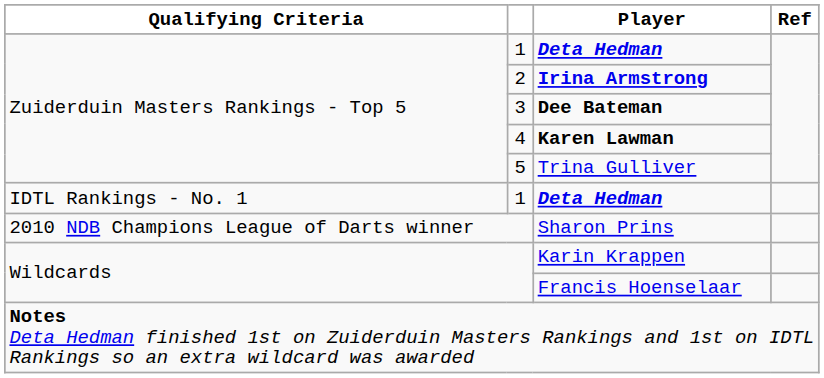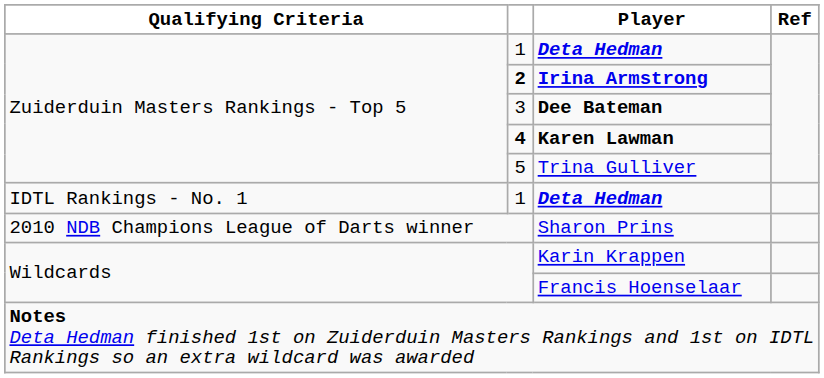 <table class="wikitable sortable collapsible" style="font-size:85%;">
 <tr>
 <th style="background:#ffffff; color:#000000;">Qualifying Criteria</th>
 <th style="background:#ffffff; color:#000000;"></th>
 <th style="background:#ffffff; color:#000000;">Player</th>
 <th style="background:#ffffff; color:#000000;">Ref</th>
 </tr>
 <tr>
 <td rowspan=5>Zuiderduin Masters Rankings - Top 5</td>
 <td style="text-align: center;">1</td>
 <td> <strong><em><a href='#'>Deta Hedman</a></em></strong></td>
 <td rowspan=5></td>
 </tr>
 <tr>
-<td style="text-align: center;">2</td>
+<td style="text-align: center;"><strong>2</strong></td>
 <td> <strong><a href='#'>Irina Armstrong</a></strong></td>
 </tr>
 <tr>
 <td style="text-align: center;">3</td>
 <td> <strong>Dee Bateman</strong></td>
 </tr>
 <tr>
-<td style="text-align: center;">4</td>
+<td style="text-align: center;"><strong>4</strong></td>
 <td> <strong>Karen Lawman</strong></td>
 </tr>
 <tr>
 <td style="text-align: center;">5</td>
 <td> <a href='#'>Trina Gulliver</a></td>
 </tr>
 <tr>
 <td>IDTL Rankings - No. 1</td>
 <td style="text-align: center;">1</td>
 <td> <strong><em><a href='#'>Deta Hedman</a></em></strong></td>
 <td></td>
 </tr>
 <tr>
 <td colspan=2>2010 <a href='#'>NDB</a> Champions League of Darts winner</td>
 <td> <a href='#'>Sharon Prins</a></td>
 <td></td>
 </tr>
 <tr>
 <td rowspan=2 colspan=2>Wildcards</td>
 <td> <a href='#'>Karin Krappen</a></td>
 <td></td>
 </tr>
 <tr>
 <td> <a href='#'>Francis Hoenselaar</a></td>
 <td></td>
 </tr>
 <tr>
 <td colspan=4><strong>Notes</strong><br><em><a href='#'>Deta Hedman</a> finished 1st on Zuiderduin Masters Rankings and 1st on IDTL<br>Rankings so an extra wildcard was awarded</em></td>
 </tr>
 </table>
